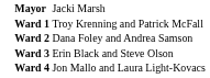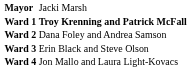 <table class="toccolours" border="0" cellpadding="2" cellspacing="0" style="border-collapse: collapse; float:right; margin: .5em;">
 <tr>
 <td><strong>Mayor</strong></td>
 <td>Jacki Marsh</td>
 </tr>
 <tr>
 <td><strong>Ward 1</strong></td>
-<td>Troy Krenning and Patrick McFall</td>
+<td><strong>Troy Krenning and Patrick McFall</strong></td>
 </tr>
 <tr>
 <td><strong>Ward 2</strong></td>
 <td>Dana Foley and Andrea Samson</td>
 </tr>
 <tr>
 <td><strong>Ward 3</strong></td>
 <td>Erin Black and Steve Olson</td>
 </tr>
 <tr>
 <td><strong>Ward 4</strong></td>
 <td>Jon Mallo and Laura Light-Kovacs</td>
 </tr>
 </table>
